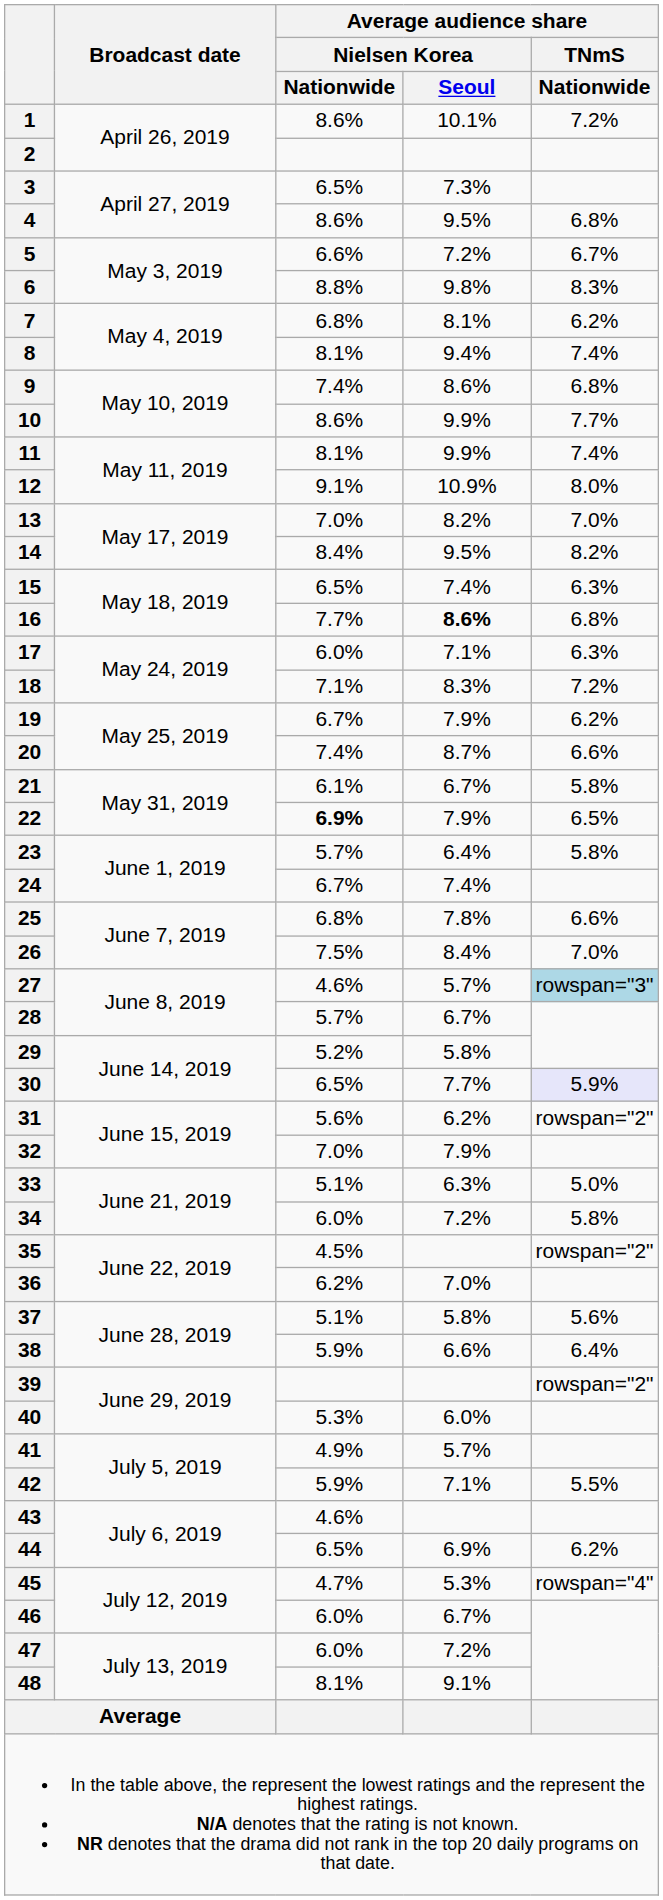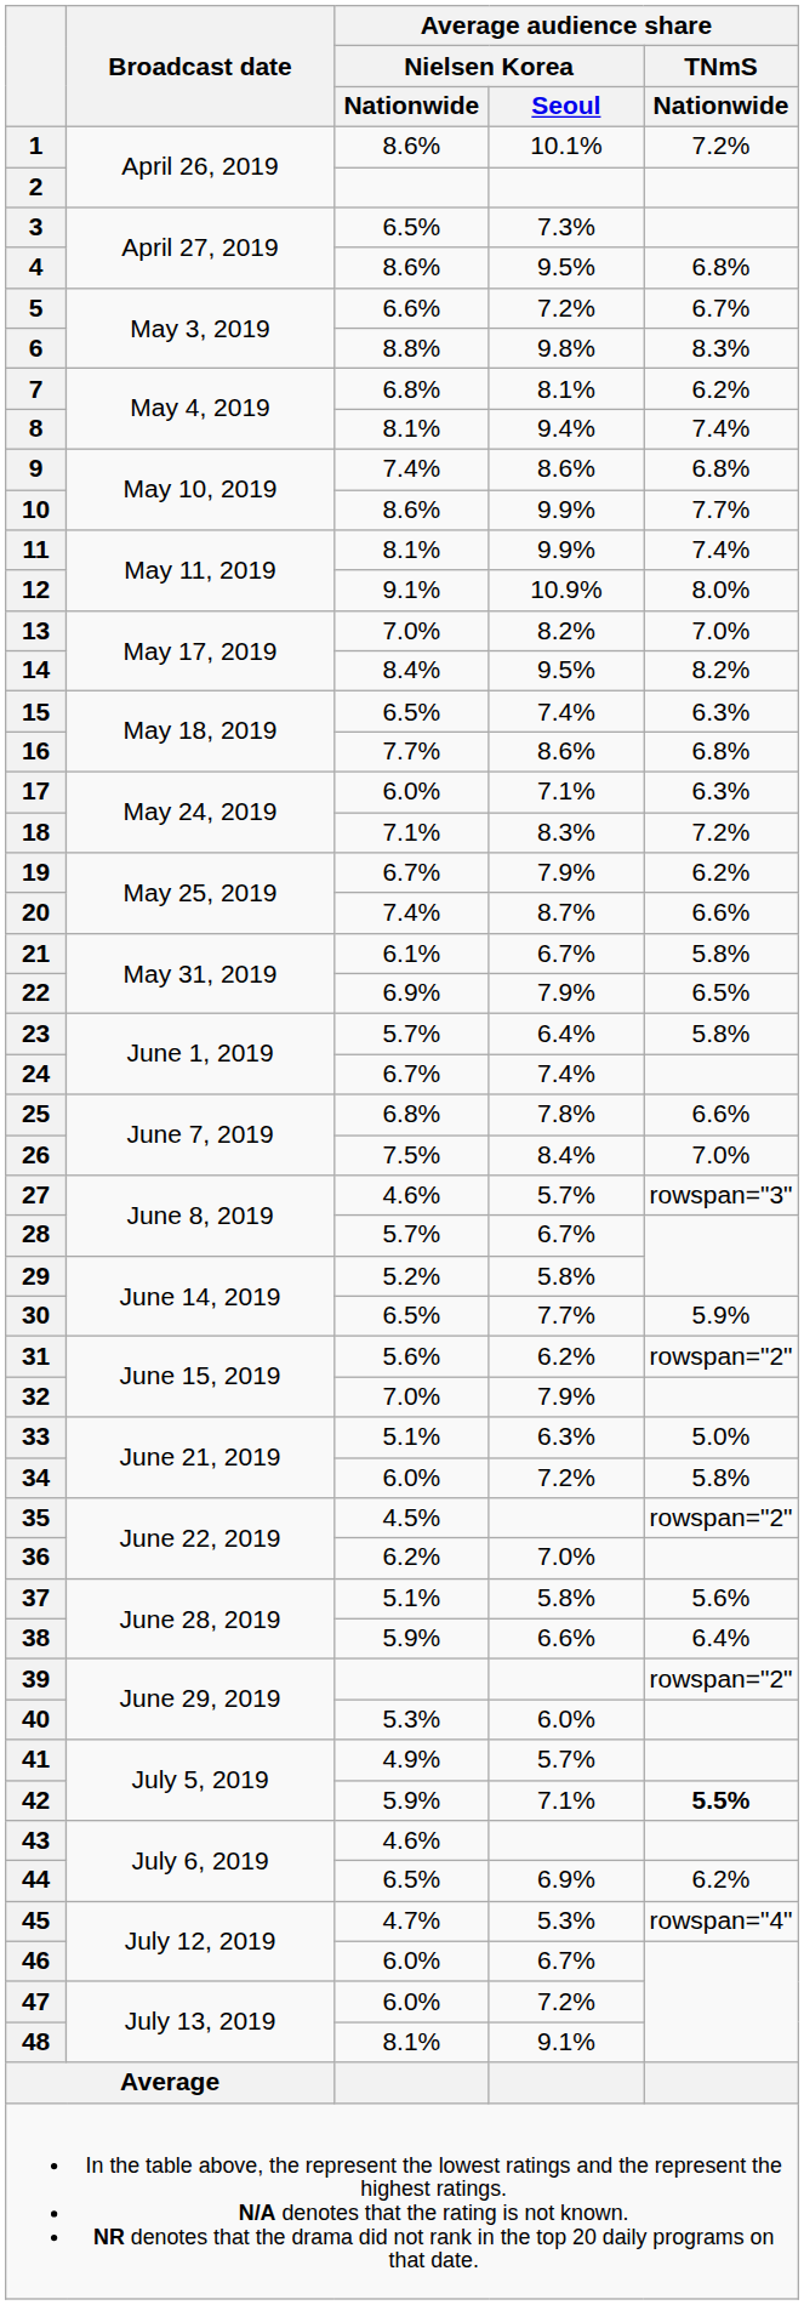 <table class="wikitable" style="text-align:center; width:500px">
 <tr>
 <th rowspan="3"></th>
 <th rowspan="3">Broadcast date</th>
 <th colspan="3">Average audience share</th>
 </tr>
 <tr>
 <th colspan="2">Nielsen Korea</th>
 <th>TNmS</th>
 </tr>
 <tr>
 <th width="90">Nationwide</th>
 <th width="90"><a href='#'>Seoul</a></th>
 <th width="90">Nationwide</th>
 </tr>
 <tr>
 <th>1</th>
 <td rowspan="2">April 26, 2019</td>
 <td>8.6% </td>
 <td>10.1% </td>
 <td>7.2%</td>
 </tr>
 <tr>
 <th>2</th>
 <td> </td>
 <td> </td>
 <td></td>
 </tr>
 <tr>
 <th>3</th>
 <td rowspan="2">April 27, 2019</td>
 <td>6.5% </td>
 <td>7.3% </td>
 <td></td>
 </tr>
 <tr>
 <th>4</th>
 <td>8.6% </td>
 <td>9.5% </td>
 <td>6.8%</td>
 </tr>
 <tr>
 <th>5</th>
 <td rowspan="2">May 3, 2019</td>
 <td>6.6% </td>
 <td>7.2% </td>
 <td>6.7%</td>
 </tr>
 <tr>
 <th>6</th>
 <td>8.8% </td>
 <td>9.8% </td>
 <td>8.3%</td>
 </tr>
 <tr>
 <th>7</th>
 <td rowspan="2">May 4, 2019</td>
 <td>6.8% </td>
 <td>8.1% </td>
 <td>6.2%</td>
 </tr>
 <tr>
 <th>8</th>
 <td>8.1% </td>
 <td>9.4% </td>
 <td>7.4%</td>
 </tr>
 <tr>
 <th>9</th>
 <td rowspan="2">May 10, 2019</td>
 <td>7.4% </td>
 <td>8.6% </td>
 <td>6.8%</td>
 </tr>
 <tr>
 <th>10</th>
 <td>8.6% </td>
 <td>9.9% </td>
 <td>7.7%</td>
 </tr>
 <tr>
 <th>11</th>
 <td rowspan="2">May 11, 2019</td>
 <td>8.1% </td>
 <td>9.9% </td>
 <td>7.4%</td>
 </tr>
 <tr>
 <th>12</th>
 <td>9.1% </td>
 <td>10.9% </td>
 <td>8.0%</td>
 </tr>
 <tr>
 <th>13</th>
 <td rowspan="2">May 17, 2019</td>
 <td>7.0% </td>
 <td>8.2% </td>
 <td>7.0%</td>
 </tr>
 <tr>
 <th>14</th>
 <td>8.4% </td>
 <td>9.5% </td>
 <td>8.2%</td>
 </tr>
 <tr>
 <th>15</th>
 <td rowspan="2">May 18, 2019</td>
 <td>6.5% </td>
 <td>7.4% </td>
 <td>6.3%</td>
 </tr>
 <tr>
 <th>16</th>
 <td>7.7% </td>
-<td><strong>8.6% </strong></td>
+<td>8.6% </td>
 <td>6.8%</td>
 </tr>
 <tr>
 <th>17</th>
 <td rowspan="2">May 24, 2019</td>
 <td>6.0% </td>
 <td>7.1% </td>
 <td>6.3%</td>
 </tr>
 <tr>
 <th>18</th>
 <td>7.1% </td>
 <td>8.3% </td>
 <td>7.2%</td>
 </tr>
 <tr>
 <th>19</th>
 <td rowspan="2">May 25, 2019</td>
 <td>6.7% </td>
 <td>7.9% </td>
 <td>6.2%</td>
 </tr>
 <tr>
 <th>20</th>
 <td>7.4% </td>
 <td>8.7% </td>
 <td>6.6%</td>
 </tr>
 <tr>
 <th>21</th>
 <td rowspan="2">May 31, 2019</td>
 <td>6.1% </td>
 <td>6.7% </td>
 <td>5.8%</td>
 </tr>
 <tr>
 <th>22</th>
-<td><strong>6.9% </strong></td>
+<td>6.9% </td>
 <td>7.9% </td>
 <td>6.5%</td>
 </tr>
 <tr>
 <th>23</th>
 <td rowspan="2">June 1, 2019</td>
 <td>5.7% </td>
 <td>6.4% </td>
 <td>5.8%</td>
 </tr>
 <tr>
 <th>24</th>
 <td>6.7% </td>
 <td>7.4% </td>
 <td></td>
 </tr>
 <tr>
 <th>25</th>
 <td rowspan="2">June 7, 2019</td>
 <td>6.8% </td>
 <td>7.8% </td>
 <td>6.6%</td>
 </tr>
 <tr>
 <th>26</th>
 <td>7.5% </td>
 <td>8.4% </td>
 <td>7.0%</td>
 </tr>
 <tr>
 <th>27</th>
 <td rowspan="2">June 8, 2019</td>
 <td>4.6% </td>
 <td>5.7% </td>
-<td style="background: lightblue;">rowspan="3" </td>
+<td>rowspan="3" </td>
 </tr>
 <tr>
 <th>28</th>
 <td>5.7% </td>
 <td>6.7% </td>
 </tr>
 <tr>
 <th>29</th>
 <td rowspan="2">June 14, 2019</td>
 <td>5.2% </td>
 <td>5.8% </td>
 </tr>
 <tr>
 <th>30</th>
 <td>6.5% </td>
 <td>7.7% </td>
-<td style="background: lavender;">5.9%</td>
+<td>5.9%</td>
 </tr>
 <tr>
 <th>31</th>
 <td rowspan="2">June 15, 2019</td>
 <td>5.6% </td>
 <td>6.2% </td>
 <td>rowspan="2" </td>
 </tr>
 <tr>
 <th>32</th>
 <td>7.0% </td>
 <td>7.9% </td>
 </tr>
 <tr>
 <th>33</th>
 <td rowspan="2">June 21, 2019</td>
 <td>5.1% </td>
 <td>6.3% </td>
 <td>5.0%</td>
 </tr>
 <tr>
 <th>34</th>
 <td>6.0% </td>
 <td>7.2% </td>
 <td>5.8%</td>
 </tr>
 <tr>
 <th>35</th>
 <td rowspan="2">June 22, 2019</td>
 <td>4.5% </td>
 <td></td>
 <td>rowspan="2" </td>
 </tr>
 <tr>
 <th>36</th>
 <td>6.2% </td>
 <td>7.0% </td>
 </tr>
 <tr>
 <th>37</th>
 <td rowspan="2">June 28, 2019</td>
 <td>5.1% </td>
 <td>5.8% </td>
 <td>5.6%</td>
 </tr>
 <tr>
 <th>38</th>
 <td>5.9% </td>
 <td>6.6% </td>
 <td>6.4%</td>
 </tr>
 <tr>
 <th>39</th>
 <td rowspan="2">June 29, 2019</td>
 <td> </td>
 <td></td>
 <td>rowspan="2" </td>
 </tr>
 <tr>
 <th>40</th>
 <td>5.3% </td>
 <td>6.0% </td>
 </tr>
 <tr>
 <th>41</th>
 <td rowspan="2">July 5, 2019</td>
 <td>4.9% </td>
 <td>5.7% </td>
 <td></td>
 </tr>
 <tr>
 <th>42</th>
 <td>5.9% </td>
 <td>7.1% </td>
-<td>5.5%</td>
+<td><strong>5.5%</strong></td>
 </tr>
 <tr>
 <th>43</th>
 <td rowspan="2">July 6, 2019</td>
 <td>4.6% </td>
 <td> </td>
 <td></td>
 </tr>
 <tr>
 <th>44</th>
 <td>6.5% </td>
 <td>6.9% </td>
 <td>6.2%</td>
 </tr>
 <tr>
 <th>45</th>
 <td rowspan="2">July 12, 2019</td>
 <td>4.7% </td>
 <td>5.3% </td>
 <td>rowspan="4" </td>
 </tr>
 <tr>
 <th>46</th>
 <td>6.0% </td>
 <td>6.7% </td>
 </tr>
 <tr>
 <th>47</th>
 <td rowspan="2">July 13, 2019</td>
 <td>6.0% </td>
 <td>7.2% </td>
 </tr>
 <tr>
 <th>48</th>
 <td>8.1% </td>
 <td>9.1% </td>
 </tr>
 <tr>
 <th colspan="2">Average</th>
 <th></th>
 <th></th>
 <th></th>
 </tr>
 <tr>
 <td colspan="5" style="font-size:85%"><br><ul><li>In the table above, the <strong></strong> represent the lowest ratings and the <strong></strong> represent the highest ratings.</li><li><strong>N/A</strong> denotes that the rating is not known.</li><li><strong>NR</strong> denotes that the drama did not rank in the top 20 daily programs on that date.</li></ul></td>
 </tr>
 </table>
